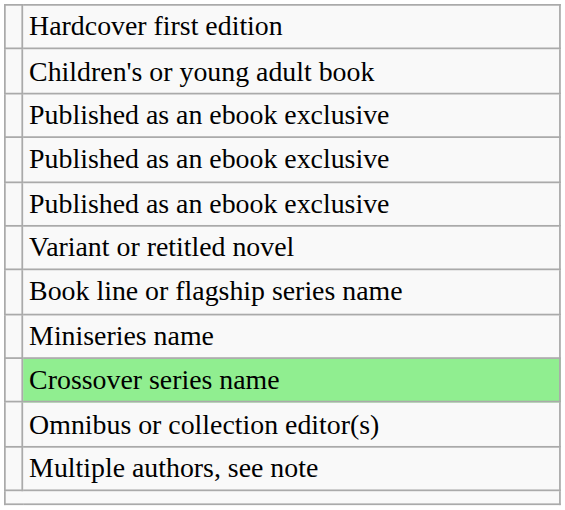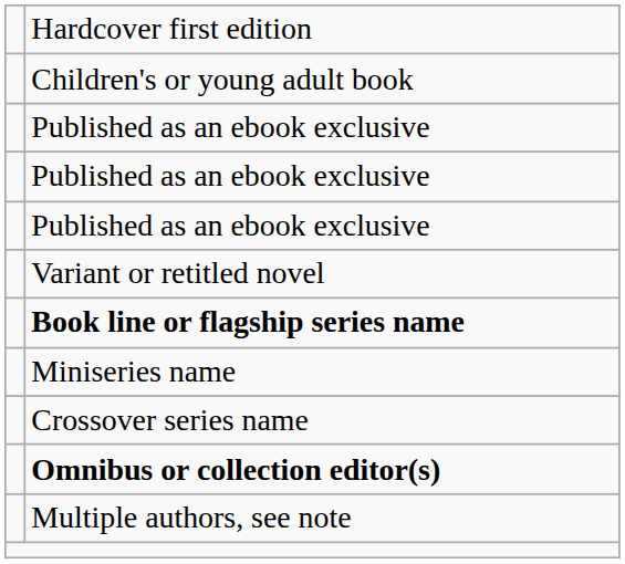 <table class="wikitable floatright" style="width: 20em;">
 <tr>
 <td></td>
 <td>Hardcover first edition</td>
 </tr>
 <tr>
 <td></td>
 <td>Children's or young adult book</td>
 </tr>
 <tr>
 <td></td>
 <td>Published as an ebook exclusive</td>
 </tr>
 <tr>
 <td></td>
 <td>Published as an ebook exclusive</td>
 </tr>
 <tr>
 <td></td>
 <td>Published as an ebook exclusive</td>
 </tr>
 <tr>
 <td></td>
 <td>Variant or retitled novel</td>
 </tr>
 <tr>
 <td></td>
-<td>Book line or flagship series name</td>
+<td><strong>Book line or flagship series name</strong></td>
 </tr>
 <tr>
 <td></td>
 <td>Miniseries name</td>
 </tr>
 <tr>
 <td></td>
-<td style="background: lightgreen;">Crossover series name</td>
+<td>Crossover series name</td>
 </tr>
 <tr>
 <td></td>
-<td>Omnibus or collection editor(s)</td>
+<td><strong>Omnibus or collection editor(s)</strong></td>
 </tr>
 <tr>
 <td></td>
 <td>Multiple authors, see note</td>
 </tr>
 <tr>
 <td colspan="2"></td>
 </tr>
 </table>
